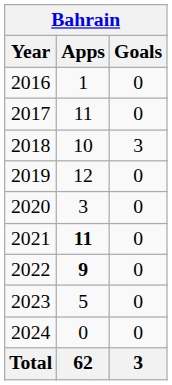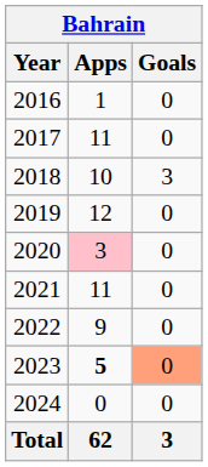 <table class="wikitable" style="text-align:center">
 <tr>
 <th colspan=3><a href='#'>Bahrain</a></th>
 </tr>
 <tr>
 <th>Year</th>
 <th>Apps</th>
 <th>Goals</th>
 </tr>
 <tr>
 <td>2016</td>
 <td>1</td>
 <td>0</td>
 </tr>
 <tr>
 <td>2017</td>
 <td>11</td>
 <td>0</td>
 </tr>
 <tr>
 <td>2018</td>
 <td>10</td>
 <td>3</td>
 </tr>
 <tr>
 <td>2019</td>
 <td>12</td>
 <td>0</td>
 </tr>
 <tr>
 <td>2020</td>
-<td>3</td>
+<td style="background: pink;">3</td>
 <td>0</td>
 </tr>
 <tr>
 <td>2021</td>
-<td><strong>11</strong></td>
+<td>11</td>
 <td>0</td>
 </tr>
 <tr>
 <td>2022</td>
-<td><strong>9</strong></td>
+<td>9</td>
 <td>0</td>
 </tr>
 <tr>
 <td>2023</td>
-<td>5</td>
-<td>0</td>
+<td><strong>5</strong></td>
+<td style="background: lightsalmon;">0</td>
 </tr>
 <tr>
 <td>2024</td>
 <td>0</td>
 <td>0</td>
 </tr>
 <tr>
 <th>Total</th>
 <th>62</th>
 <th>3</th>
 </tr>
 </table>
